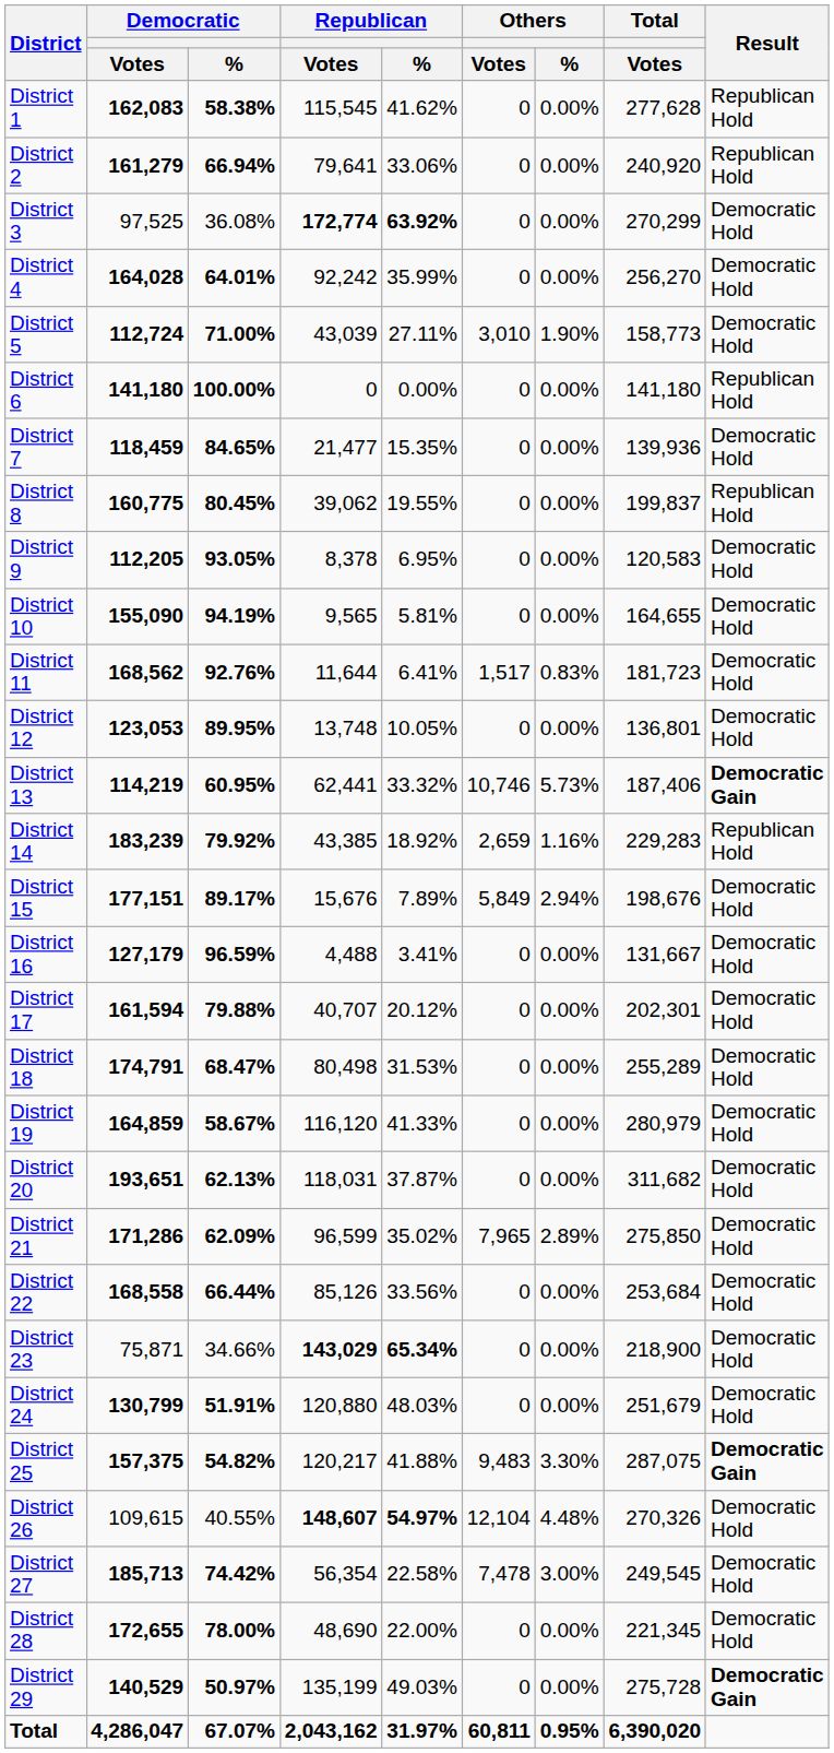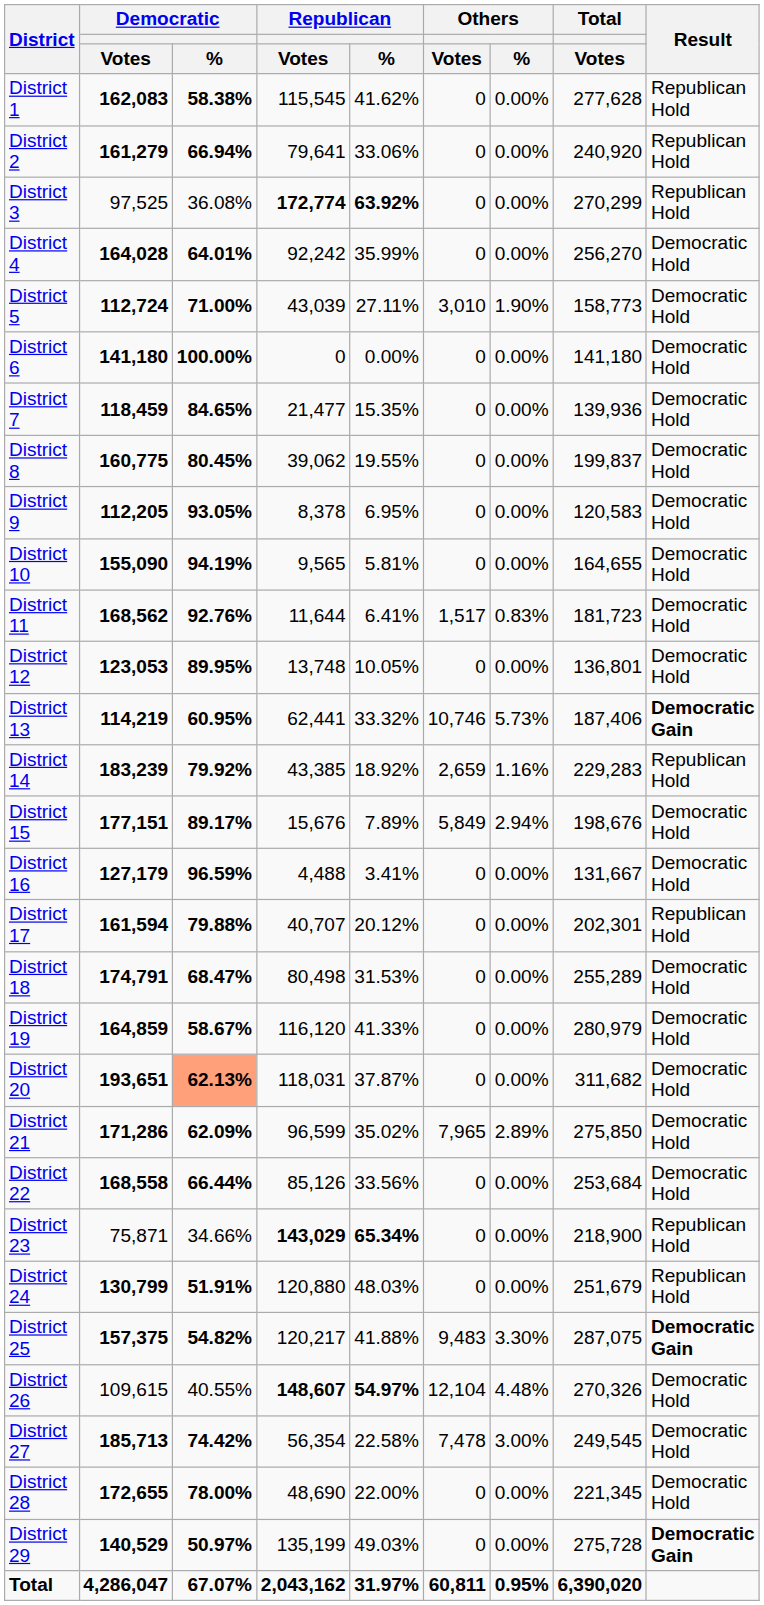 <table class="wikitable plainrowheaders sortable" style="font-size:100%; text-align:right;">
 <tr>
 <th scope=col rowspan=3><a href='#'>District</a></th>
 <th scope=col colspan=2><a href='#'>Democratic</a></th>
 <th scope=col colspan=2><a href='#'>Republican</a></th>
 <th scope=col colspan=2>Others</th>
 <th scope=col>Total</th>
 <th scope=col rowspan=3>Result</th>
 </tr>
 <tr>
 <th scope=col colspan=2 style="background:"></th>
 <th scope=col colspan=2 style="background:"></th>
 <th scope=col colspan=2></th>
 <th scope=col colspan=2></th>
 </tr>
 <tr>
 <th scope=col data-sort-type="number">Votes</th>
 <th scope=col data-sort-type="number">%</th>
 <th scope=col data-sort-type="number">Votes</th>
 <th scope=col data-sort-type="number">%</th>
 <th scope=col data-sort-type="number">Votes</th>
 <th scope=col data-sort-type="number">%</th>
 <th scope=col data-sort-type="number">Votes</th>
 </tr>
 <tr>
 <td align=left><a href='#'>District 1</a></td>
 <td><strong>162,083</strong></td>
 <td><strong>58.38%</strong></td>
 <td>115,545</td>
 <td>41.62%</td>
 <td>0</td>
 <td>0.00%</td>
 <td>277,628</td>
 <td align=left>Republican Hold</td>
 </tr>
 <tr>
 <td align=left><a href='#'>District 2</a></td>
 <td><strong>161,279</strong></td>
 <td><strong>66.94%</strong></td>
 <td>79,641</td>
 <td>33.06%</td>
 <td>0</td>
 <td>0.00%</td>
 <td>240,920</td>
 <td align=left>Republican Hold</td>
 </tr>
 <tr>
 <td align=left><a href='#'>District 3</a></td>
 <td>97,525</td>
 <td>36.08%</td>
 <td><strong>172,774</strong></td>
 <td><strong>63.92%</strong></td>
 <td>0</td>
 <td>0.00%</td>
 <td>270,299</td>
-<td align=left>Democratic Hold</td>
+<td align=left>Republican Hold</td>
 </tr>
 <tr>
 <td align=left><a href='#'>District 4</a></td>
 <td><strong>164,028</strong></td>
 <td><strong>64.01%</strong></td>
 <td>92,242</td>
 <td>35.99%</td>
 <td>0</td>
 <td>0.00%</td>
 <td>256,270</td>
 <td align=left>Democratic Hold</td>
 </tr>
 <tr>
 <td align=left><a href='#'>District 5</a></td>
 <td><strong>112,724</strong></td>
 <td><strong>71.00%</strong></td>
 <td>43,039</td>
 <td>27.11%</td>
 <td>3,010</td>
 <td>1.90%</td>
 <td>158,773</td>
 <td align=left>Democratic Hold</td>
 </tr>
 <tr>
 <td align=left><a href='#'>District 6</a></td>
 <td><strong>141,180</strong></td>
 <td><strong>100.00%</strong></td>
 <td>0</td>
 <td>0.00%</td>
 <td>0</td>
 <td>0.00%</td>
 <td>141,180</td>
-<td align=left>Republican Hold</td>
+<td align=left>Democratic Hold</td>
 </tr>
 <tr>
 <td align=left><a href='#'>District 7</a></td>
 <td><strong>118,459</strong></td>
 <td><strong>84.65%</strong></td>
 <td>21,477</td>
 <td>15.35%</td>
 <td>0</td>
 <td>0.00%</td>
 <td>139,936</td>
 <td align=left>Democratic Hold</td>
 </tr>
 <tr>
 <td align=left><a href='#'>District 8</a></td>
 <td><strong>160,775</strong></td>
 <td><strong>80.45%</strong></td>
 <td>39,062</td>
 <td>19.55%</td>
 <td>0</td>
 <td>0.00%</td>
 <td>199,837</td>
-<td align=left>Republican Hold</td>
+<td align=left>Democratic Hold</td>
 </tr>
 <tr>
 <td align=left><a href='#'>District 9</a></td>
 <td><strong>112,205</strong></td>
 <td><strong>93.05%</strong></td>
 <td>8,378</td>
 <td>6.95%</td>
 <td>0</td>
 <td>0.00%</td>
 <td>120,583</td>
 <td align=left>Democratic Hold</td>
 </tr>
 <tr>
 <td align=left><a href='#'>District 10</a></td>
 <td><strong>155,090</strong></td>
 <td><strong>94.19%</strong></td>
 <td>9,565</td>
 <td>5.81%</td>
 <td>0</td>
 <td>0.00%</td>
 <td>164,655</td>
 <td align=left>Democratic Hold</td>
 </tr>
 <tr>
 <td align=left><a href='#'>District 11</a></td>
 <td><strong>168,562</strong></td>
 <td><strong>92.76%</strong></td>
 <td>11,644</td>
 <td>6.41%</td>
 <td>1,517</td>
 <td>0.83%</td>
 <td>181,723</td>
 <td align=left>Democratic Hold</td>
 </tr>
 <tr>
 <td align=left><a href='#'>District 12</a></td>
 <td><strong>123,053</strong></td>
 <td><strong>89.95%</strong></td>
 <td>13,748</td>
 <td>10.05%</td>
 <td>0</td>
 <td>0.00%</td>
 <td>136,801</td>
 <td align=left>Democratic Hold</td>
 </tr>
 <tr>
 <td align=left><a href='#'>District 13</a></td>
 <td><strong>114,219</strong></td>
 <td><strong>60.95%</strong></td>
 <td>62,441</td>
 <td>33.32%</td>
 <td>10,746</td>
 <td>5.73%</td>
 <td>187,406</td>
 <td align=left><strong>Democratic Gain</strong></td>
 </tr>
 <tr>
 <td align=left><a href='#'>District 14</a></td>
 <td><strong>183,239</strong></td>
 <td><strong>79.92%</strong></td>
 <td>43,385</td>
 <td>18.92%</td>
 <td>2,659</td>
 <td>1.16%</td>
 <td>229,283</td>
 <td align=left>Republican Hold</td>
 </tr>
 <tr>
 <td align=left><a href='#'>District 15</a></td>
 <td><strong>177,151</strong></td>
 <td><strong>89.17%</strong></td>
 <td>15,676</td>
 <td>7.89%</td>
 <td>5,849</td>
 <td>2.94%</td>
 <td>198,676</td>
 <td align=left>Democratic Hold</td>
 </tr>
 <tr>
 <td align=left><a href='#'>District 16</a></td>
 <td><strong>127,179</strong></td>
 <td><strong>96.59%</strong></td>
 <td>4,488</td>
 <td>3.41%</td>
 <td>0</td>
 <td>0.00%</td>
 <td>131,667</td>
 <td align=left>Democratic Hold</td>
 </tr>
 <tr>
 <td align=left><a href='#'>District 17</a></td>
 <td><strong>161,594</strong></td>
 <td><strong>79.88%</strong></td>
 <td>40,707</td>
 <td>20.12%</td>
 <td>0</td>
 <td>0.00%</td>
 <td>202,301</td>
-<td align=left>Democratic Hold</td>
+<td align=left>Republican Hold</td>
 </tr>
 <tr>
 <td align=left><a href='#'>District 18</a></td>
 <td><strong>174,791</strong></td>
 <td><strong>68.47%</strong></td>
 <td>80,498</td>
 <td>31.53%</td>
 <td>0</td>
 <td>0.00%</td>
 <td>255,289</td>
 <td align=left>Democratic Hold</td>
 </tr>
 <tr>
 <td align=left><a href='#'>District 19</a></td>
 <td><strong>164,859</strong></td>
 <td><strong>58.67%</strong></td>
 <td>116,120</td>
 <td>41.33%</td>
 <td>0</td>
 <td>0.00%</td>
 <td>280,979</td>
 <td align=left>Democratic Hold</td>
 </tr>
 <tr>
 <td align=left><a href='#'>District 20</a></td>
 <td><strong>193,651</strong></td>
-<td><strong>62.13%</strong></td>
+<td style="background: lightsalmon;"><strong>62.13%</strong></td>
 <td>118,031</td>
 <td>37.87%</td>
 <td>0</td>
 <td>0.00%</td>
 <td>311,682</td>
 <td align=left>Democratic Hold</td>
 </tr>
 <tr>
 <td align=left><a href='#'>District 21</a></td>
 <td><strong>171,286</strong></td>
 <td><strong>62.09%</strong></td>
 <td>96,599</td>
 <td>35.02%</td>
 <td>7,965</td>
 <td>2.89%</td>
 <td>275,850</td>
 <td align=left>Democratic Hold</td>
 </tr>
 <tr>
 <td align=left><a href='#'>District 22</a></td>
 <td><strong>168,558</strong></td>
 <td><strong>66.44%</strong></td>
 <td>85,126</td>
 <td>33.56%</td>
 <td>0</td>
 <td>0.00%</td>
 <td>253,684</td>
 <td align=left>Democratic Hold</td>
 </tr>
 <tr>
 <td align=left><a href='#'>District 23</a></td>
 <td>75,871</td>
 <td>34.66%</td>
 <td><strong>143,029</strong></td>
 <td><strong>65.34%</strong></td>
 <td>0</td>
 <td>0.00%</td>
 <td>218,900</td>
-<td align=left>Democratic Hold</td>
+<td align=left>Republican Hold</td>
 </tr>
 <tr>
 <td align=left><a href='#'>District 24</a></td>
 <td><strong>130,799</strong></td>
 <td><strong>51.91%</strong></td>
 <td>120,880</td>
 <td>48.03%</td>
 <td>0</td>
 <td>0.00%</td>
 <td>251,679</td>
-<td align=left>Democratic Hold</td>
+<td align=left>Republican Hold</td>
 </tr>
 <tr>
 <td align=left><a href='#'>District 25</a></td>
 <td><strong>157,375</strong></td>
 <td><strong>54.82%</strong></td>
 <td>120,217</td>
 <td>41.88%</td>
 <td>9,483</td>
 <td>3.30%</td>
 <td>287,075</td>
 <td align=left><strong>Democratic Gain</strong></td>
 </tr>
 <tr>
 <td align=left><a href='#'>District 26</a></td>
 <td>109,615</td>
 <td>40.55%</td>
 <td><strong>148,607</strong></td>
 <td><strong>54.97%</strong></td>
 <td>12,104</td>
 <td>4.48%</td>
 <td>270,326</td>
 <td align=left>Democratic Hold</td>
 </tr>
 <tr>
 <td align=left><a href='#'>District 27</a></td>
 <td><strong>185,713</strong></td>
 <td><strong>74.42%</strong></td>
 <td>56,354</td>
 <td>22.58%</td>
 <td>7,478</td>
 <td>3.00%</td>
 <td>249,545</td>
 <td align=left>Democratic Hold</td>
 </tr>
 <tr>
 <td align=left><a href='#'>District 28</a></td>
 <td><strong>172,655</strong></td>
 <td><strong>78.00%</strong></td>
 <td>48,690</td>
 <td>22.00%</td>
 <td>0</td>
 <td>0.00%</td>
 <td>221,345</td>
 <td align=left>Democratic Hold</td>
 </tr>
 <tr>
 <td align=left><a href='#'>District 29</a></td>
 <td><strong>140,529</strong></td>
 <td><strong>50.97%</strong></td>
 <td>135,199</td>
 <td>49.03%</td>
 <td>0</td>
 <td>0.00%</td>
 <td>275,728</td>
 <td align=left><strong>Democratic Gain</strong></td>
 </tr>
 <tr class="sortbottom" style="font-weight:bold">
 <td align=left>Total</td>
 <td>4,286,047</td>
 <td>67.07%</td>
 <td>2,043,162</td>
 <td>31.97%</td>
 <td>60,811</td>
 <td>0.95%</td>
 <td>6,390,020</td>
 <td></td>
 </tr>
 </table>
